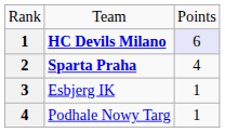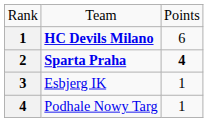 <table class="wikitable" style="text-align: center;">
 <tr>
 <td>Rank</td>
 <td>Team</td>
 <td>Points</td>
 </tr>
 <tr>
 <th>1</th>
 <td style="text-align: left;"> <strong><a href='#'>HC Devils Milano</a></strong></td>
-<td style="background: lavender;">6</td>
+<td>6</td>
 </tr>
 <tr>
 <th>2</th>
 <td style="text-align: left;"> <strong><a href='#'>Sparta Praha</a></strong></td>
-<td>4</td>
+<td><strong>4</strong></td>
 </tr>
 <tr>
 <th>3</th>
 <td style="text-align: left;"> <a href='#'>Esbjerg IK</a></td>
 <td>1</td>
 </tr>
 <tr>
 <th>4</th>
 <td style="text-align: left;"> <a href='#'>Podhale Nowy Targ</a></td>
 <td>1</td>
 </tr>
 </table>
